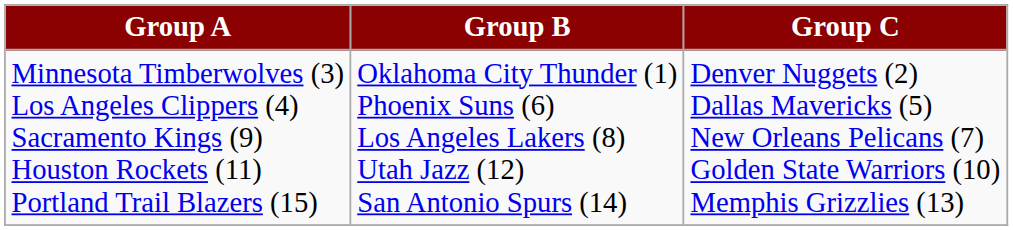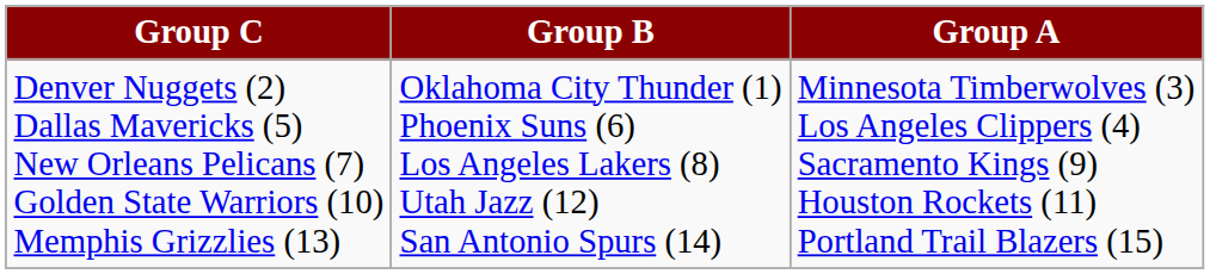 <table class="wikitable">
 <tr>
+<th style="background:darkred; color:white;" scope="col">Group C</th>
+<th style="background:darkred; color:white;" scope="col">Group B</th>
 <th style="background:darkred; color:white;" scope="col">Group A</th>
-<th style="background:darkred; color:white;" scope="col">Group B</th>
-<th style="background:darkred; color:white;" scope="col">Group C</th>
 </tr>
 <tr>
+<td><a href='#'>Denver Nuggets</a> (2)<br><a href='#'>Dallas Mavericks</a> (5)<br><a href='#'>New Orleans Pelicans</a> (7)<br><a href='#'>Golden State Warriors</a> (10)<br><a href='#'>Memphis Grizzlies</a> (13)</td>
+<td><a href='#'>Oklahoma City Thunder</a> (1)<br><a href='#'>Phoenix Suns</a> (6)<br><a href='#'>Los Angeles Lakers</a> (8)<br><a href='#'>Utah Jazz</a> (12)<br><a href='#'>San Antonio Spurs</a> (14)</td>
 <td><a href='#'>Minnesota Timberwolves</a> (3)<br><a href='#'>Los Angeles Clippers</a> (4)<br><a href='#'>Sacramento Kings</a> (9)<br><a href='#'>Houston Rockets</a> (11)<br><a href='#'>Portland Trail Blazers</a> (15)</td>
-<td><a href='#'>Oklahoma City Thunder</a> (1)<br><a href='#'>Phoenix Suns</a> (6)<br><a href='#'>Los Angeles Lakers</a> (8)<br><a href='#'>Utah Jazz</a> (12)<br><a href='#'>San Antonio Spurs</a> (14)</td>
-<td><a href='#'>Denver Nuggets</a> (2)<br><a href='#'>Dallas Mavericks</a> (5)<br><a href='#'>New Orleans Pelicans</a> (7)<br><a href='#'>Golden State Warriors</a> (10)<br><a href='#'>Memphis Grizzlies</a> (13)</td>
 </tr>
 </table>
